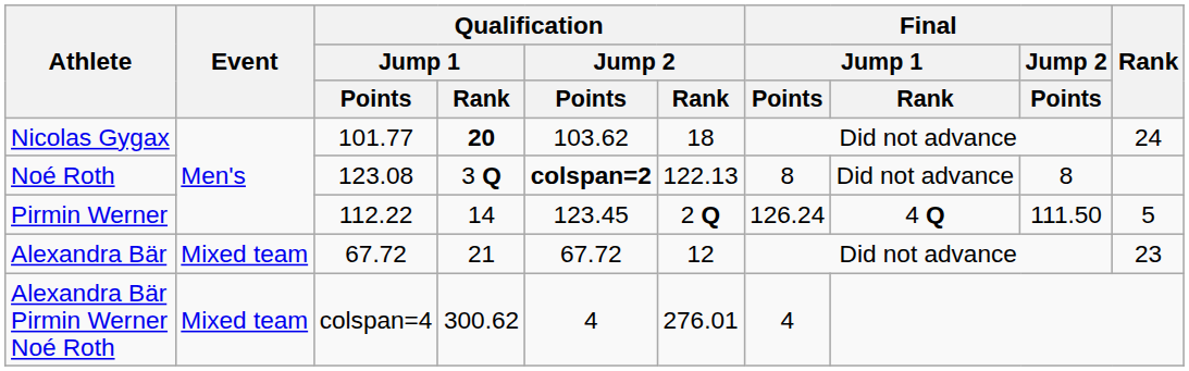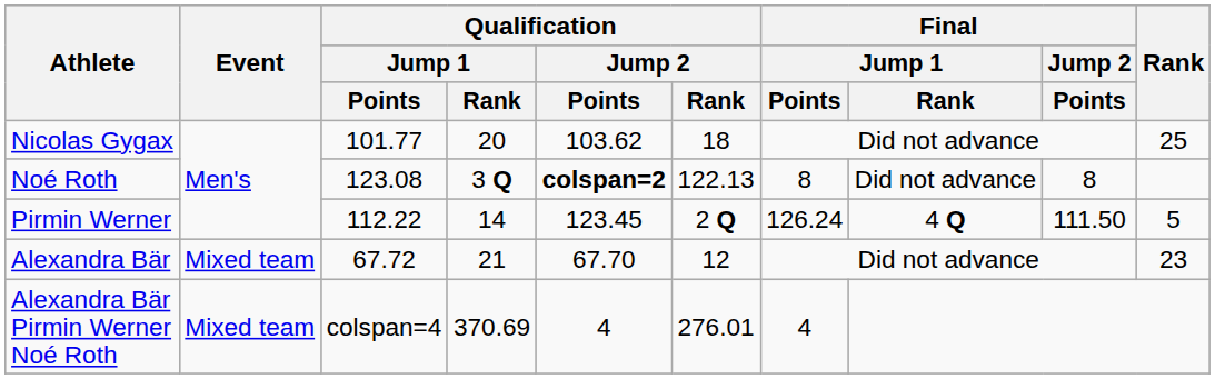 <table class=wikitable style=font-size:90%;text-align:center>
 <tr>
 <th rowspan=3>Athlete</th>
 <th rowspan=3>Event</th>
 <th colspan=4>Qualification</th>
 <th colspan=3>Final</th>
 <th rowspan=3>Rank</th>
 </tr>
 <tr style=font-size:95%>
 <th colspan=2>Jump 1</th>
 <th colspan=2>Jump 2</th>
 <th colspan=2>Jump 1</th>
 <th>Jump 2</th>
 </tr>
 <tr style=font-size:95%>
 <th>Points</th>
 <th>Rank</th>
 <th>Points</th>
 <th>Rank</th>
 <th>Points</th>
 <th>Rank</th>
 <th>Points</th>
 </tr>
 <tr>
 <td align=left><a href='#'>Nicolas Gygax</a></td>
 <td align=left rowspan=3><a href='#'>Men's</a></td>
 <td>101.77</td>
-<td><strong>20</strong></td>
+<td>20</td>
 <td>103.62</td>
 <td>18</td>
 <td colspan=3>Did not advance</td>
-<td>24</td>
+<td>25</td>
 </tr>
 <tr>
 <td align=left><a href='#'>Noé Roth</a></td>
 <td>123.08</td>
 <td>3 <strong>Q</strong></td>
 <td><strong>colspan=2 </strong></td>
 <td>122.13</td>
 <td>8</td>
 <td>Did not advance</td>
 <td>8</td>
 </tr>
 <tr>
 <td align=left><a href='#'>Pirmin Werner</a></td>
 <td>112.22</td>
 <td>14</td>
 <td>123.45</td>
 <td>2 <strong>Q</strong></td>
 <td>126.24</td>
 <td>4 <strong>Q</strong></td>
 <td>111.50</td>
 <td>5</td>
 </tr>
 <tr>
 <td align=left><a href='#'>Alexandra Bär</a></td>
 <td align=left><a href='#'>Mixed team</a></td>
 <td>67.72</td>
 <td>21</td>
-<td>67.72</td>
+<td>67.70</td>
 <td>12</td>
 <td colspan=3>Did not advance</td>
 <td>23</td>
 </tr>
 <tr>
 <td align=left><a href='#'>Alexandra Bär</a><br><a href='#'>Pirmin Werner</a><br><a href='#'>Noé Roth</a></td>
 <td align=left><a href='#'>Mixed team</a></td>
 <td>colspan=4 </td>
-<td>300.62</td>
+<td>370.69</td>
 <td>4</td>
 <td>276.01</td>
 <td>4</td>
 </tr>
 </table>
